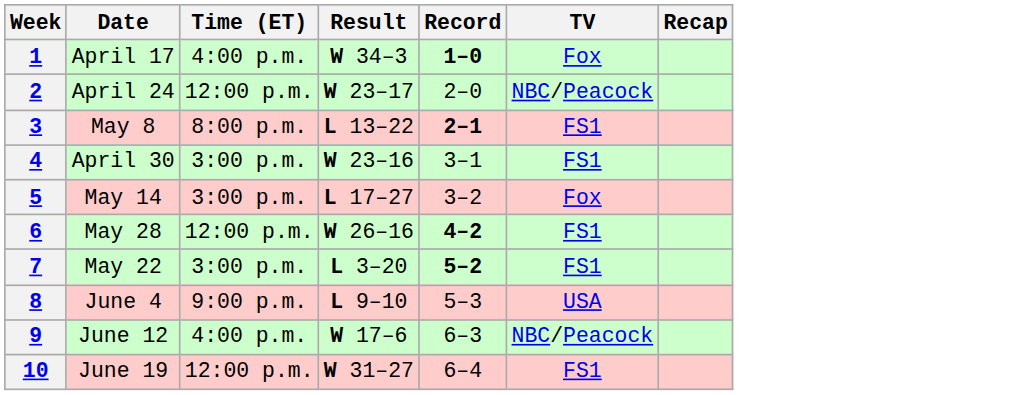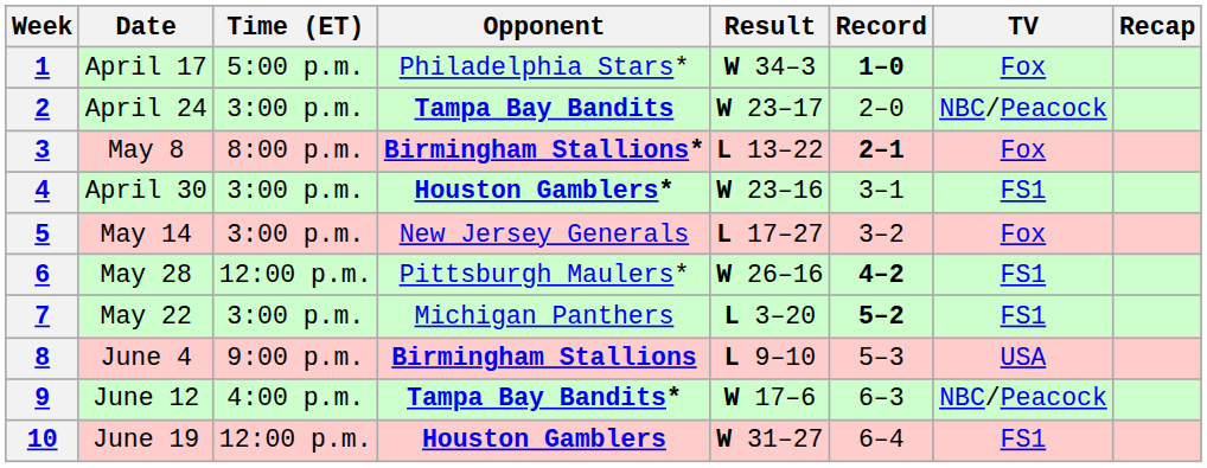 <table class="wikitable" style="text-align:center">
 <tr>
 <th>Week</th>
 <th>Date</th>
 <th>Time (ET)</th>
+<th>Opponent</th>
 <th>Result</th>
 <th>Record</th>
 <th>TV</th>
 <th>Recap</th>
 </tr>
 <tr style="background:#ccffcc">
 <th><a href='#'>1</a></th>
 <td>April 17</td>
-<td>4:00 p.m.</td>
+<td>5:00 p.m.</td>
+<td><a href='#'>Philadelphia Stars</a>*</td>
 <td><strong>W</strong> 34–3</td>
 <td><strong>1–0</strong></td>
 <td><a href='#'>Fox</a></td>
 <td></td>
 </tr>
 <tr style="background:#ccffcc">
 <th><a href='#'>2</a></th>
 <td>April 24</td>
-<td>12:00 p.m.</td>
+<td>3:00 p.m.</td>
+<td><strong><a href='#'>Tampa Bay Bandits</a></strong></td>
 <td><strong>W</strong> 23–17</td>
 <td>2–0</td>
 <td><a href='#'>NBC</a>/<a href='#'>Peacock</a></td>
 <td></td>
 </tr>
 <tr style="background:#ffcccc">
 <th><a href='#'>3</a></th>
 <td>May 8</td>
 <td>8:00 p.m.</td>
+<td><strong><a href='#'>Birmingham Stallions</a>*</strong></td>
 <td><strong>L</strong> 13–22</td>
 <td><strong>2–1</strong></td>
-<td><a href='#'>FS1</a></td>
+<td><a href='#'>Fox</a></td>
 <td></td>
 </tr>
 <tr style="background:#ccffcc">
 <th><a href='#'>4</a></th>
 <td>April 30</td>
 <td>3:00 p.m.</td>
+<td><strong><a href='#'>Houston Gamblers</a>*</strong></td>
 <td><strong>W</strong> 23–16</td>
 <td>3–1</td>
 <td><a href='#'>FS1</a></td>
 <td></td>
 </tr>
 <tr style="background:#ffcccc">
 <th><a href='#'>5</a></th>
 <td>May 14</td>
 <td>3:00 p.m.</td>
+<td><a href='#'>New Jersey Generals</a></td>
 <td><strong>L</strong> 17–27</td>
 <td>3–2</td>
 <td><a href='#'>Fox</a></td>
 <td></td>
 </tr>
 <tr style="background:#ccffcc">
 <th><a href='#'>6</a></th>
 <td>May 28</td>
 <td>12:00 p.m.</td>
+<td><a href='#'>Pittsburgh Maulers</a>*</td>
 <td><strong>W</strong> 26–16</td>
 <td><strong>4–2</strong></td>
 <td><a href='#'>FS1</a></td>
 <td></td>
 </tr>
 <tr style="background:#ccffcc">
 <th><a href='#'>7</a></th>
 <td>May 22</td>
 <td>3:00 p.m.</td>
+<td><a href='#'>Michigan Panthers</a></td>
 <td><strong>L</strong> 3–20</td>
 <td><strong>5–2</strong></td>
 <td><a href='#'>FS1</a></td>
 <td></td>
 </tr>
 <tr style="background:#ffcccc">
 <th><a href='#'>8</a></th>
 <td>June 4</td>
 <td>9:00 p.m.</td>
+<td><strong><a href='#'>Birmingham Stallions</a></strong></td>
 <td><strong>L</strong> 9–10</td>
 <td>5–3</td>
 <td><a href='#'>USA</a></td>
 <td></td>
 </tr>
 <tr style="background:#ccffcc">
 <th><a href='#'>9</a></th>
 <td>June 12</td>
 <td>4:00 p.m.</td>
+<td><strong><a href='#'>Tampa Bay Bandits</a>*</strong></td>
 <td><strong>W</strong> 17–6</td>
 <td>6–3</td>
 <td><a href='#'>NBC</a>/<a href='#'>Peacock</a></td>
 <td></td>
 </tr>
 <tr style="background:#ffcccc">
 <th><a href='#'>10</a></th>
 <td>June 19</td>
 <td>12:00 p.m.</td>
+<td><strong><a href='#'>Houston Gamblers</a></strong></td>
 <td><strong>W</strong> 31–27 </td>
 <td>6–4</td>
 <td><a href='#'>FS1</a></td>
 <td></td>
 </tr>
 </table>
